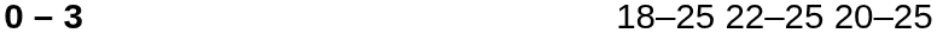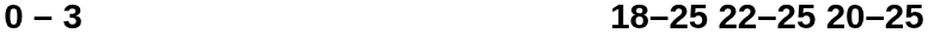 <table width=100% cellspacing=1>
 <tr>
 <th width=20%></th>
 <th width=12%></th>
 <th width=20%></th>
 <th width=33%></th>
 <td></td>
 </tr>
 <tr style=font-size:90%>
 <td align=right></td>
 <td align=center><strong>0 – 3</strong></td>
 <td><strong></strong></td>
-<td>18–25 22–25 20–25</td>
+<td><strong>18–25 22–25 20–25</strong></td>
 </tr>
 </table>
